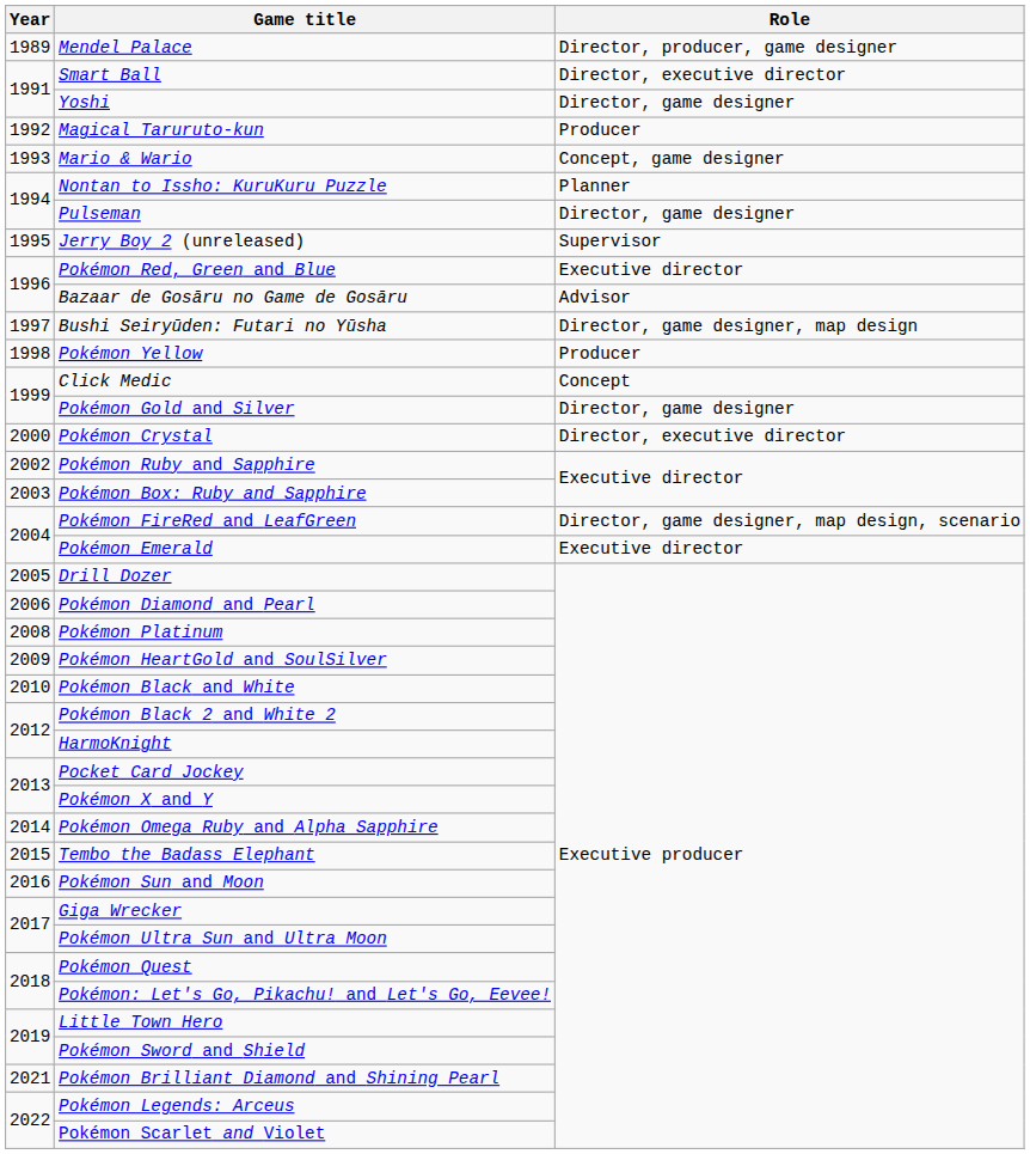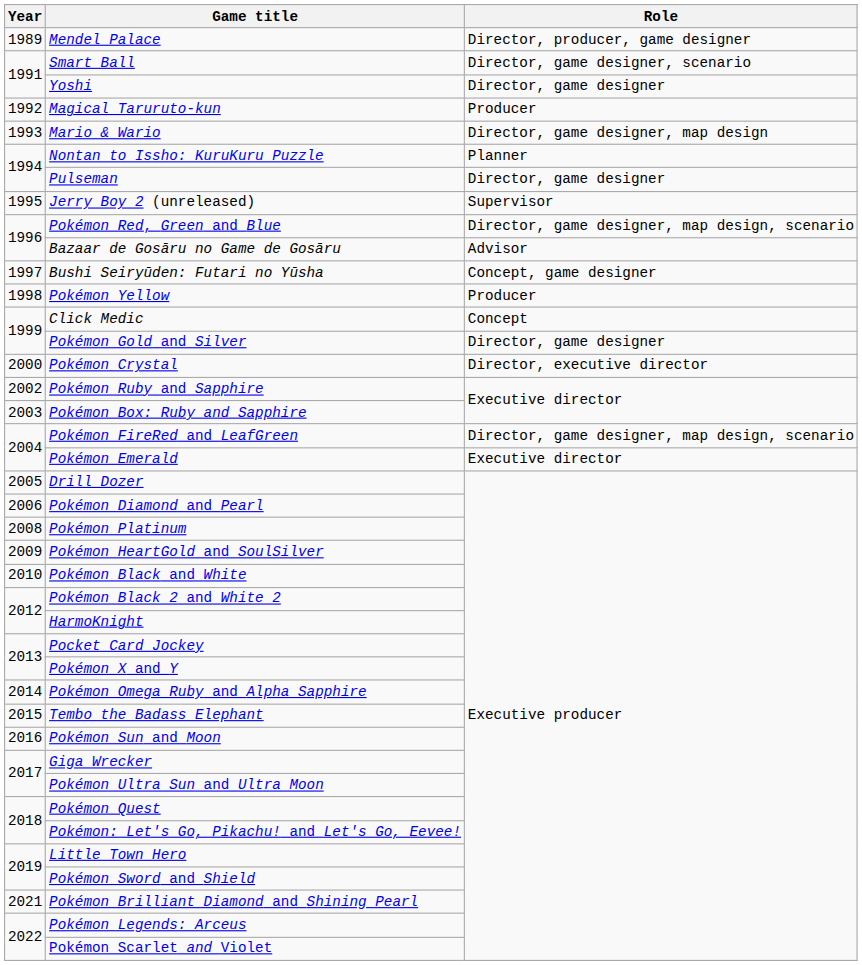 <table class="wikitable sortable">
 <tr>
 <th>Year</th>
 <th>Game title</th>
 <th>Role</th>
 </tr>
 <tr>
 <td>1989</td>
 <td><em><a href='#'>Mendel Palace</a></em></td>
 <td>Director, producer, game designer</td>
 </tr>
 <tr>
 <td rowspan="2">1991</td>
 <td><em><a href='#'>Smart Ball</a></em></td>
-<td>Director, executive director</td>
+<td>Director, game designer, scenario</td>
 </tr>
 <tr>
 <td><em><a href='#'>Yoshi</a></em></td>
 <td>Director, game designer</td>
 </tr>
 <tr>
 <td>1992</td>
 <td><em><a href='#'>Magical Taruruto-kun</a></em></td>
 <td>Producer</td>
 </tr>
 <tr>
 <td>1993</td>
 <td><em><a href='#'>Mario & Wario</a></em></td>
-<td>Concept, game designer</td>
+<td>Director, game designer, map design</td>
 </tr>
 <tr>
 <td rowspan="2">1994</td>
 <td><em><a href='#'>Nontan to Issho: KuruKuru Puzzle</a></em></td>
 <td>Planner</td>
 </tr>
 <tr>
 <td><em><a href='#'>Pulseman</a></em></td>
 <td>Director, game designer</td>
 </tr>
 <tr>
 <td>1995</td>
 <td><em><a href='#'>Jerry Boy 2</a></em> (unreleased)</td>
 <td>Supervisor</td>
 </tr>
 <tr>
 <td rowspan="2">1996</td>
 <td><a href='#'><em>Pokémon Red</em>, <em>Green</em> and <em>Blue</em></a></td>
-<td>Executive director</td>
+<td>Director, game designer, map design, scenario</td>
 </tr>
 <tr>
 <td><em>Bazaar de Gosāru no Game de Gosāru</em></td>
 <td>Advisor</td>
 </tr>
 <tr>
 <td>1997</td>
 <td><em>Bushi Seiryūden: Futari no Yūsha</em></td>
-<td>Director, game designer, map design</td>
+<td>Concept, game designer</td>
 </tr>
 <tr>
 <td>1998</td>
 <td><em><a href='#'>Pokémon Yellow</a></em></td>
 <td>Producer</td>
 </tr>
 <tr>
 <td rowspan="2">1999</td>
 <td><em>Click Medic</em></td>
 <td>Concept</td>
 </tr>
 <tr>
 <td><a href='#'><em>Pokémon Gold</em> and <em>Silver</em></a></td>
 <td>Director, game designer</td>
 </tr>
 <tr>
 <td>2000</td>
 <td><em><a href='#'>Pokémon Crystal</a></em></td>
 <td>Director, executive director</td>
 </tr>
 <tr>
 <td>2002</td>
 <td><a href='#'><em>Pokémon Ruby</em> and <em>Sapphire</em></a></td>
 <td rowspan="2'">Executive director</td>
 </tr>
 <tr>
 <td>2003</td>
 <td><em><a href='#'>Pokémon Box: Ruby and Sapphire</a></em></td>
 </tr>
 <tr>
 <td rowspan="2">2004</td>
 <td><a href='#'><em>Pokémon FireRed</em> and <em>LeafGreen</em></a></td>
 <td>Director, game designer, map design, scenario</td>
 </tr>
 <tr>
 <td><em><a href='#'>Pokémon Emerald</a></em></td>
 <td>Executive director</td>
 </tr>
 <tr 2005 >
 <td>2005</td>
 <td><em><a href='#'>Drill Dozer</a></em></td>
 <td rowspan="21">Executive producer</td>
 </tr>
 <tr>
 <td>2006</td>
 <td><a href='#'><em>Pokémon Diamond</em> and <em>Pearl</em></a></td>
 </tr>
 <tr>
 <td>2008</td>
 <td><em><a href='#'>Pokémon Platinum</a></em></td>
 </tr>
 <tr>
 <td>2009</td>
 <td><a href='#'><em>Pokémon HeartGold</em> and <em>SoulSilver</em></a></td>
 </tr>
 <tr>
 <td>2010</td>
 <td><a href='#'><em>Pokémon Black</em> and <em>White</em></a></td>
 </tr>
 <tr>
 <td rowspan="2">2012</td>
 <td><a href='#'><em>Pokémon Black 2</em> and <em>White 2</em></a></td>
 </tr>
 <tr>
 <td><em><a href='#'>HarmoKnight</a></em></td>
 </tr>
 <tr>
 <td rowspan="2">2013</td>
 <td><em><a href='#'>Pocket Card Jockey</a></em></td>
 </tr>
 <tr>
 <td><a href='#'><em>Pokémon X</em> and <em>Y</em></a></td>
 </tr>
 <tr>
 <td>2014</td>
 <td><a href='#'><em>Pokémon Omega Ruby</em> and <em>Alpha Sapphire</em></a></td>
 </tr>
 <tr>
 <td>2015</td>
 <td><em><a href='#'>Tembo the Badass Elephant</a></em></td>
 </tr>
 <tr>
 <td>2016</td>
 <td><a href='#'><em>Pokémon Sun</em> and <em>Moon</em></a></td>
 </tr>
 <tr>
 <td rowspan="2">2017</td>
 <td><em><a href='#'>Giga Wrecker</a></em></td>
 </tr>
 <tr>
 <td><a href='#'><em>Pokémon Ultra Sun</em> and <em>Ultra Moon</em></a></td>
 </tr>
 <tr>
 <td rowspan="2">2018</td>
 <td><em><a href='#'>Pokémon Quest</a></em></td>
 </tr>
 <tr>
 <td><a href='#'><em>Pokémon: Let's Go, Pikachu!</em> and <em>Let's Go, Eevee!</em></a></td>
 </tr>
 <tr>
 <td rowspan="2">2019</td>
 <td><em><a href='#'>Little Town Hero</a></em></td>
 </tr>
 <tr>
 <td><a href='#'><em>Pokémon Sword</em> and <em>Shield</em></a></td>
 </tr>
 <tr>
 <td>2021</td>
 <td><a href='#'><em>Pokémon Brilliant Diamond</em> and <em>Shining Pearl</em></a></td>
 </tr>
 <tr>
 <td rowspan="2">2022</td>
 <td><em><a href='#'>Pokémon Legends: Arceus</a></td>
 </tr>
 <tr>
 <td><a href='#'></em>Pokémon Scarlet<em> and </em>Violet<em></a></td>
 </tr>
 </table>
